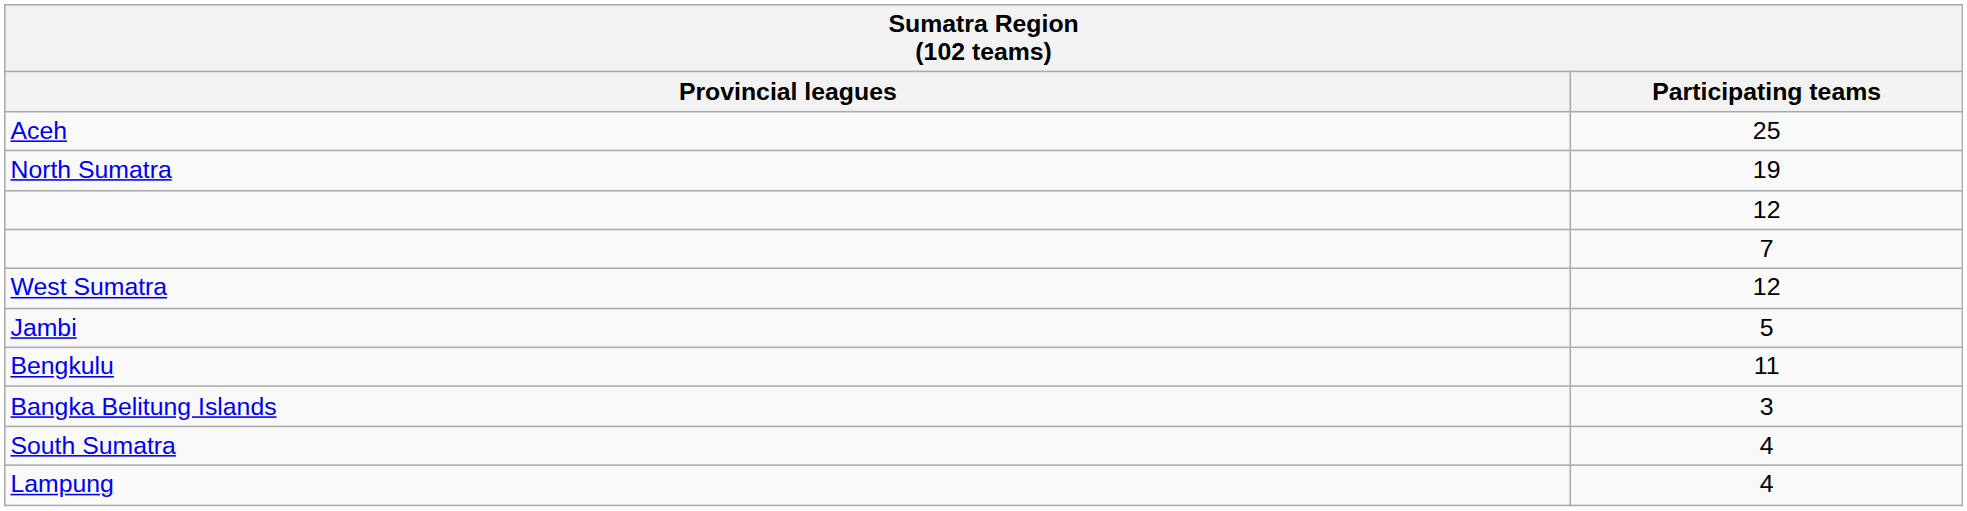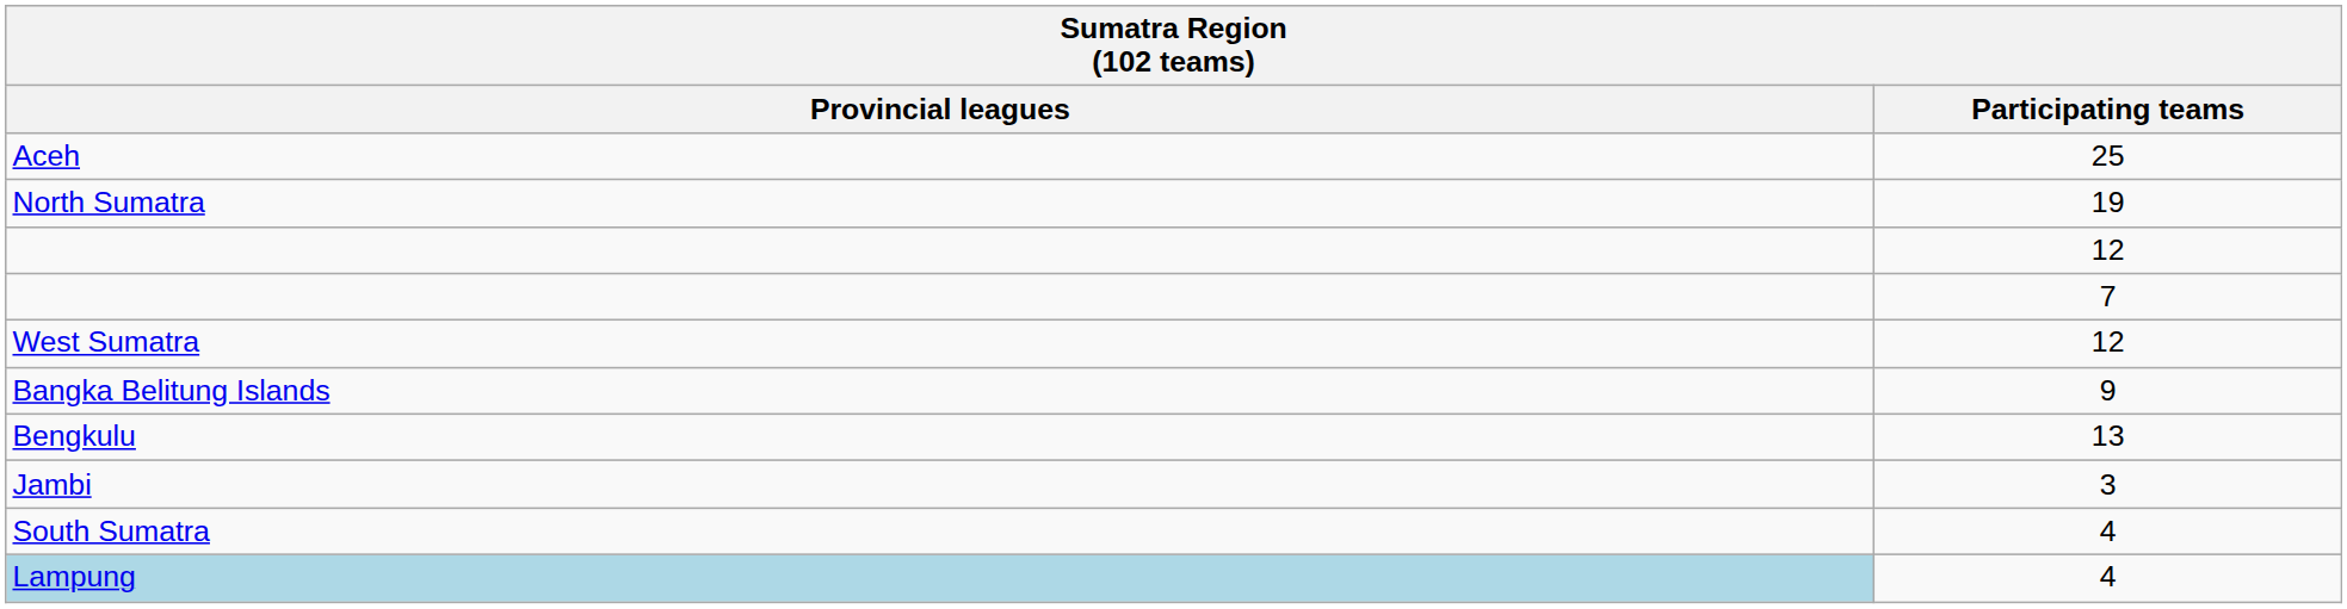 <table class="wikitable sortable" style="width:100%;">
 <tr>
 <th colspan="2"><strong>Sumatra Region</strong><br>(102 teams)</th>
 </tr>
 <tr>
 <th style="width:80%;">Provincial leagues</th>
 <th style="width:20%;">Participating teams</th>
 </tr>
 <tr>
 <td> <a href='#'>Aceh</a></td>
 <td align=center>25</td>
 </tr>
 <tr>
 <td> <a href='#'>North Sumatra</a></td>
 <td align=center>19</td>
 </tr>
 <tr>
 <td> </td>
 <td align=center>12</td>
 </tr>
 <tr>
 <td> </td>
 <td align=center>7</td>
 </tr>
 <tr>
 <td> <a href='#'>West Sumatra</a></td>
 <td align=center>12</td>
 </tr>
 <tr>
-<td> <a href='#'>Jambi</a></td>
-<td align=center>5</td>
+<td> <a href='#'>Bangka Belitung Islands</a></td>
+<td align=center>9</td>
 </tr>
 <tr>
 <td> <a href='#'>Bengkulu</a></td>
-<td align=center>11</td>
+<td align=center>13</td>
 </tr>
 <tr>
-<td> <a href='#'>Bangka Belitung Islands</a></td>
+<td> <a href='#'>Jambi</a></td>
 <td align=center>3</td>
 </tr>
 <tr>
 <td> <a href='#'>South Sumatra</a></td>
 <td align=center>4</td>
 </tr>
 <tr>
-<td> <a href='#'>Lampung</a></td>
+<td style="background: lightblue;"> <a href='#'>Lampung</a></td>
 <td align=center>4</td>
 </tr>
 </table>
